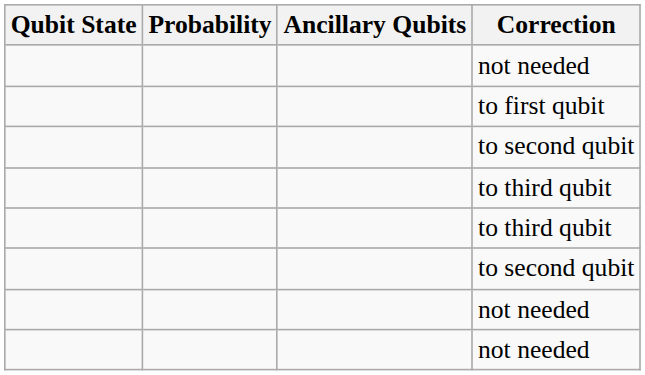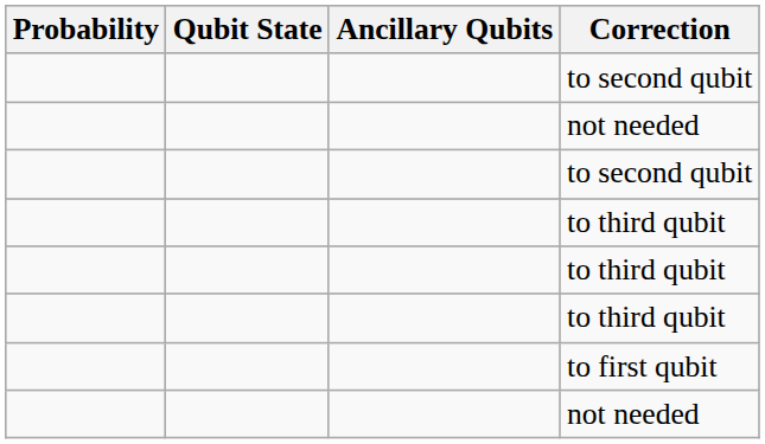 <table class="wikitable">
 <tr>
+<th>Probability</th>
 <th>Qubit State</th>
-<th>Probability</th>
 <th>Ancillary Qubits</th>
 <th>Correction</th>
 </tr>
 <tr>
 <td></td>
 <td></td>
 <td></td>
-<td>not needed</td>
+<td> to second qubit</td>
 </tr>
 <tr>
 <td></td>
 <td></td>
 <td></td>
-<td> to first qubit</td>
+<td>not needed</td>
 </tr>
 <tr>
 <td></td>
 <td></td>
 <td></td>
 <td> to second qubit</td>
 </tr>
 <tr>
 <td></td>
 <td></td>
 <td></td>
 <td> to third qubit</td>
 </tr>
 <tr>
 <td></td>
 <td></td>
 <td></td>
 <td> to third qubit</td>
 </tr>
 <tr>
 <td></td>
 <td></td>
 <td></td>
-<td> to second qubit</td>
+<td> to third qubit</td>
 </tr>
 <tr>
 <td></td>
 <td></td>
 <td></td>
-<td>not needed</td>
+<td> to first qubit</td>
 </tr>
 <tr>
 <td></td>
 <td></td>
 <td></td>
 <td>not needed</td>
 </tr>
 </table>
